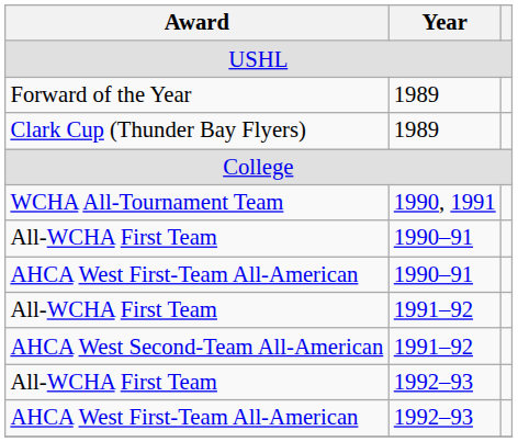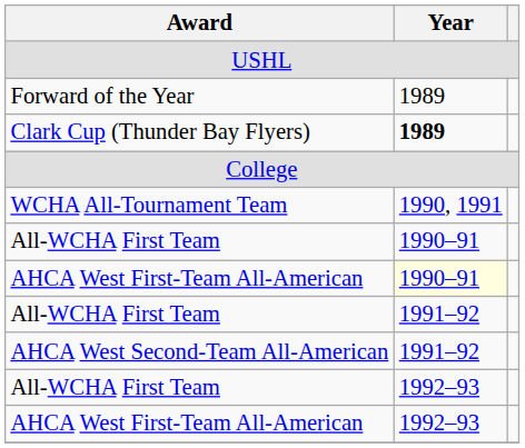 <table class="wikitable">
 <tr>
 <th>Award</th>
 <th>Year</th>
 <th></th>
 </tr>
 <tr ALIGN="center" bgcolor="#e0e0e0">
 <td colspan="3"><a href='#'>USHL</a></td>
 </tr>
 <tr>
 <td>Forward of the Year</td>
 <td>1989</td>
 <td></td>
 </tr>
 <tr>
 <td><a href='#'>Clark Cup</a> (Thunder Bay Flyers)</td>
-<td>1989</td>
+<td><strong>1989</strong></td>
 <td></td>
 </tr>
 <tr ALIGN="center" bgcolor="#e0e0e0">
 <td colspan="3"><a href='#'>College</a></td>
 </tr>
 <tr>
 <td><a href='#'>WCHA</a> <a href='#'>All-Tournament Team</a></td>
 <td><a href='#'>1990</a>, <a href='#'>1991</a></td>
 <td></td>
 </tr>
 <tr>
 <td>All-<a href='#'>WCHA</a> <a href='#'>First Team</a></td>
 <td><a href='#'>1990–91</a></td>
 <td></td>
 </tr>
 <tr>
 <td><a href='#'>AHCA</a> <a href='#'>West First-Team All-American</a></td>
-<td><a href='#'>1990–91</a></td>
+<td style="background: lightyellow;"><a href='#'>1990–91</a></td>
 <td></td>
 </tr>
 <tr>
 <td>All-<a href='#'>WCHA</a> <a href='#'>First Team</a></td>
 <td><a href='#'>1991–92</a></td>
 <td></td>
 </tr>
 <tr>
 <td><a href='#'>AHCA</a> <a href='#'>West Second-Team All-American</a></td>
 <td><a href='#'>1991–92</a></td>
 <td></td>
 </tr>
 <tr>
 <td>All-<a href='#'>WCHA</a> <a href='#'>First Team</a></td>
 <td><a href='#'>1992–93</a></td>
 <td></td>
 </tr>
 <tr>
 <td><a href='#'>AHCA</a> <a href='#'>West First-Team All-American</a></td>
 <td><a href='#'>1992–93</a></td>
 <td></td>
 </tr>
 <tr>
 </tr>
 </table>
